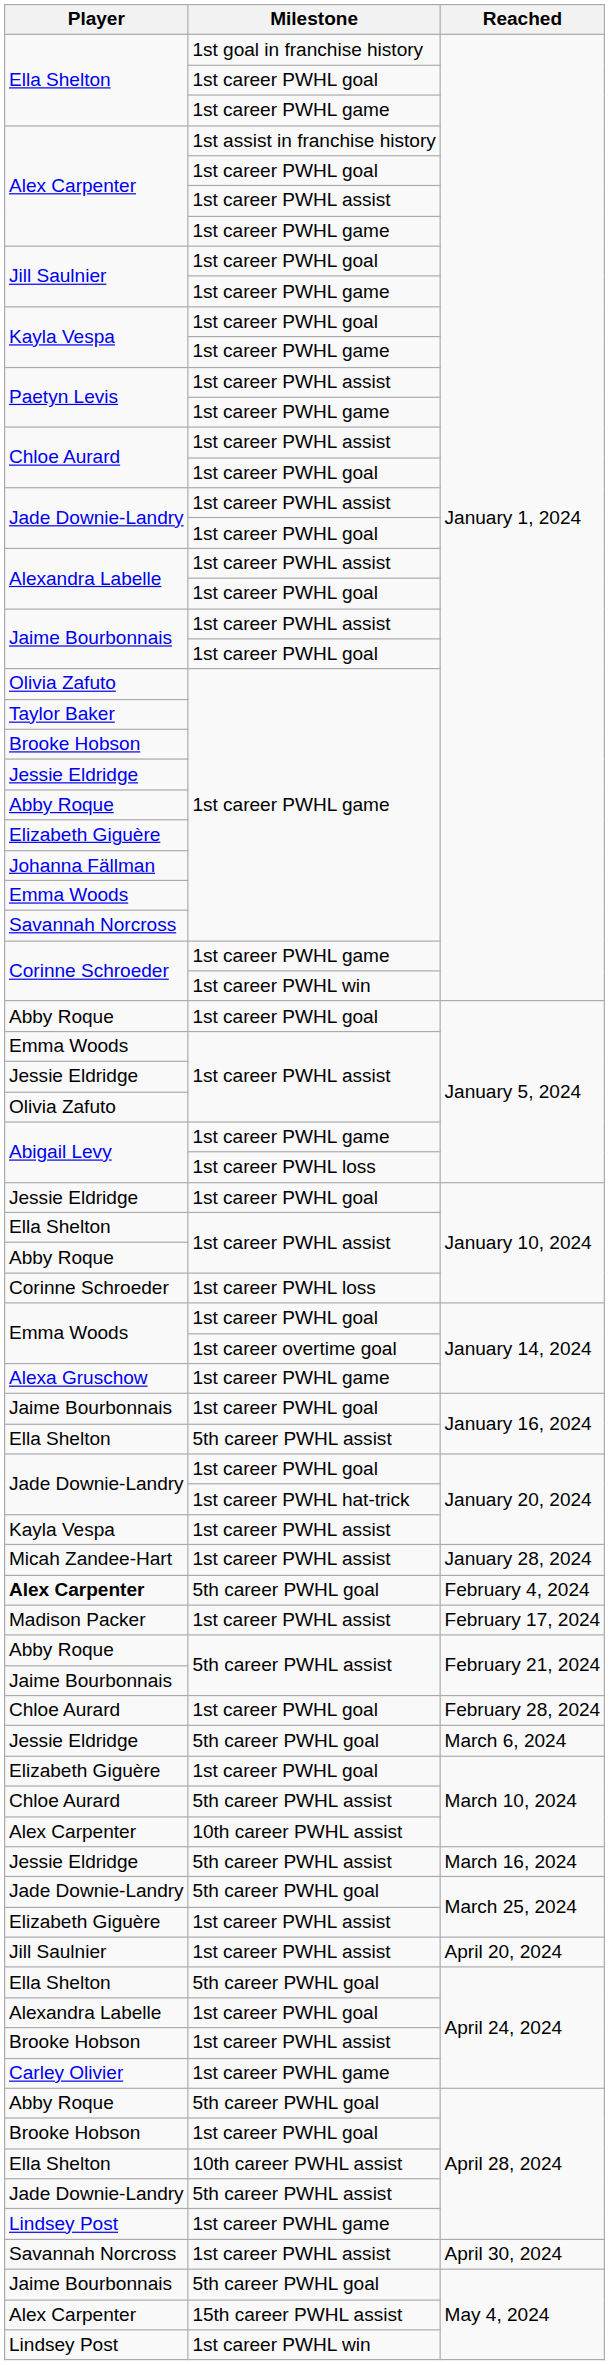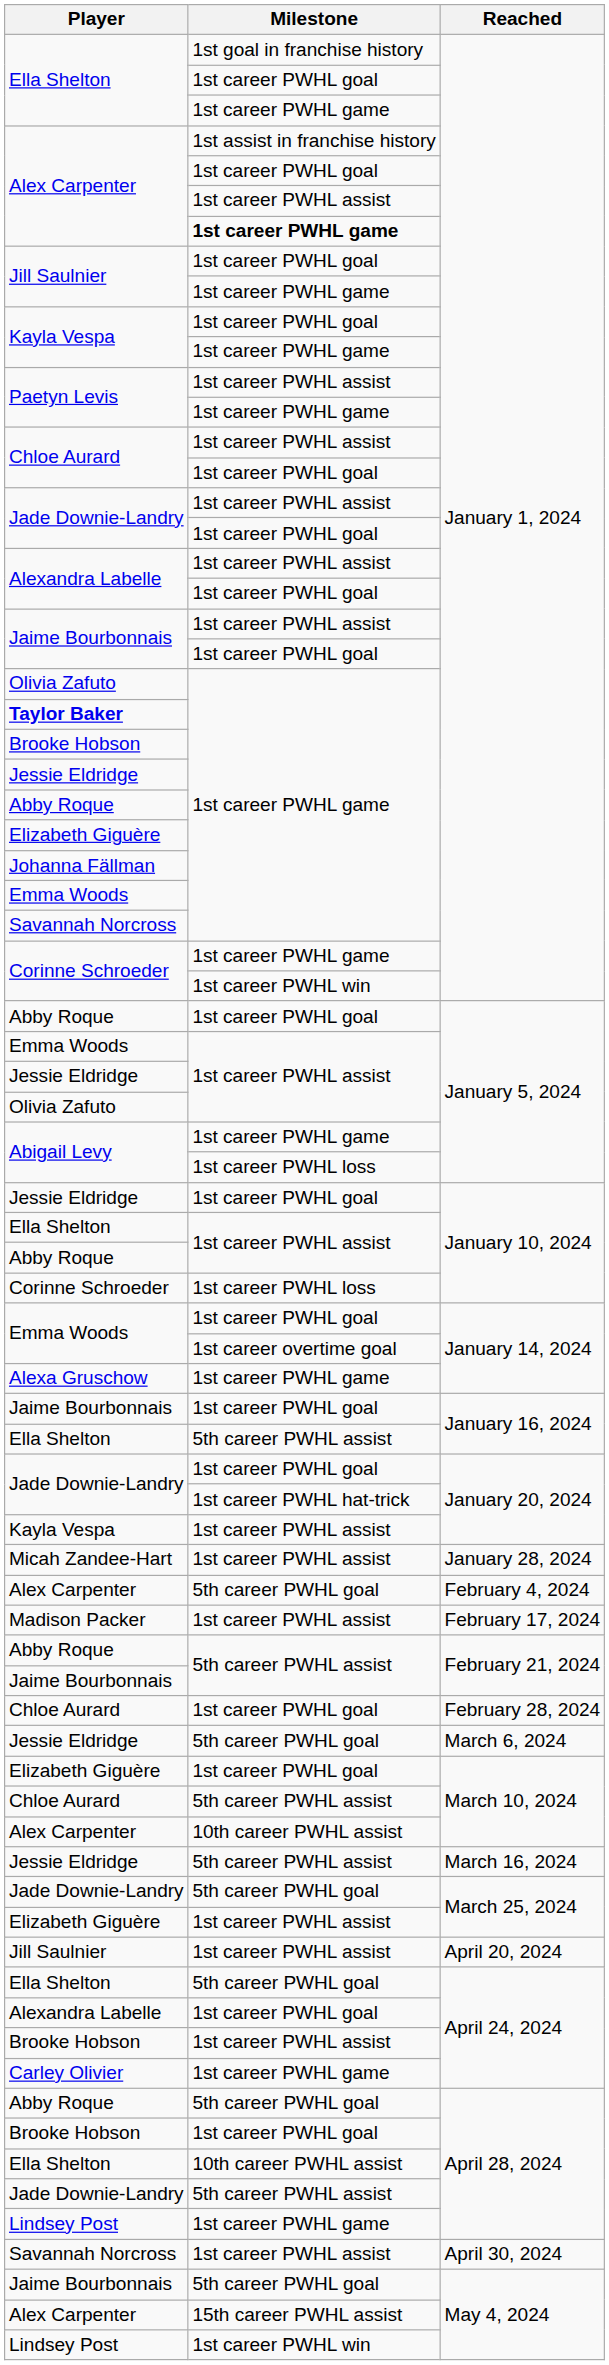 <table class="wikitable">
 <tr>
 <th>Player</th>
 <th>Milestone</th>
 <th>Reached</th>
 </tr>
 <tr>
 <td rowspan=3><a href='#'>Ella Shelton</a></td>
 <td>1st goal in franchise history</td>
 <td rowspan=32>January 1, 2024</td>
 </tr>
 <tr>
 <td>1st career PWHL goal</td>
 </tr>
 <tr>
 <td>1st career PWHL game</td>
 </tr>
 <tr>
 <td rowspan=4><a href='#'>Alex Carpenter</a></td>
 <td>1st assist in franchise history</td>
 </tr>
 <tr>
 <td>1st career PWHL goal</td>
 </tr>
 <tr>
 <td>1st career PWHL assist</td>
 </tr>
 <tr>
-<td>1st career PWHL game</td>
+<td><strong>1st career PWHL game</strong></td>
 </tr>
 <tr>
 <td rowspan=2><a href='#'>Jill Saulnier</a></td>
 <td>1st career PWHL goal</td>
 </tr>
 <tr>
 <td>1st career PWHL game</td>
 </tr>
 <tr>
 <td rowspan=2><a href='#'>Kayla Vespa</a></td>
 <td>1st career PWHL goal</td>
 </tr>
 <tr>
 <td>1st career PWHL game</td>
 </tr>
 <tr>
 <td rowspan=2><a href='#'>Paetyn Levis</a></td>
 <td>1st career PWHL assist</td>
 </tr>
 <tr>
 <td>1st career PWHL game</td>
 </tr>
 <tr>
 <td rowspan=2><a href='#'>Chloe Aurard</a></td>
 <td>1st career PWHL assist</td>
 </tr>
 <tr>
 <td>1st career PWHL goal</td>
 </tr>
 <tr>
 <td rowspan=2><a href='#'>Jade Downie-Landry</a></td>
 <td>1st career PWHL assist</td>
 </tr>
 <tr>
 <td>1st career PWHL goal</td>
 </tr>
 <tr>
 <td rowspan=2><a href='#'>Alexandra Labelle</a></td>
 <td>1st career PWHL assist</td>
 </tr>
 <tr>
 <td>1st career PWHL goal</td>
 </tr>
 <tr>
 <td rowspan=2><a href='#'>Jaime Bourbonnais</a></td>
 <td>1st career PWHL assist</td>
 </tr>
 <tr>
 <td>1st career PWHL goal</td>
 </tr>
 <tr>
 <td><a href='#'>Olivia Zafuto</a></td>
 <td rowspan=9>1st career PWHL game</td>
 </tr>
 <tr>
-<td><a href='#'>Taylor Baker</a></td>
+<td><strong><a href='#'>Taylor Baker</a></strong></td>
 </tr>
 <tr>
 <td><a href='#'>Brooke Hobson</a></td>
 </tr>
 <tr>
 <td><a href='#'>Jessie Eldridge</a></td>
 </tr>
 <tr>
 <td><a href='#'>Abby Roque</a></td>
 </tr>
 <tr>
 <td><a href='#'>Elizabeth Giguère</a></td>
 </tr>
 <tr>
 <td><a href='#'>Johanna Fällman</a></td>
 </tr>
 <tr>
 <td><a href='#'>Emma Woods</a></td>
 </tr>
 <tr>
 <td><a href='#'>Savannah Norcross</a></td>
 </tr>
 <tr>
 <td rowspan=2><a href='#'>Corinne Schroeder</a></td>
 <td>1st career PWHL game</td>
 </tr>
 <tr>
 <td>1st career PWHL win</td>
 </tr>
 <tr>
 <td>Abby Roque</td>
 <td>1st career PWHL goal</td>
 <td rowspan=6>January 5, 2024</td>
 </tr>
 <tr>
 <td>Emma Woods</td>
 <td rowspan=3>1st career PWHL assist</td>
 </tr>
 <tr>
 <td>Jessie Eldridge</td>
 </tr>
 <tr>
 <td>Olivia Zafuto</td>
 </tr>
 <tr>
 <td rowspan=2><a href='#'>Abigail Levy</a></td>
 <td>1st career PWHL game</td>
 </tr>
 <tr>
 <td>1st career PWHL loss</td>
 </tr>
 <tr>
 <td>Jessie Eldridge</td>
 <td>1st career PWHL goal</td>
 <td rowspan=4>January 10, 2024</td>
 </tr>
 <tr>
 <td>Ella Shelton</td>
 <td rowspan=2>1st career PWHL assist</td>
 </tr>
 <tr>
 <td>Abby Roque</td>
 </tr>
 <tr>
 <td>Corinne Schroeder</td>
 <td>1st career PWHL loss</td>
 </tr>
 <tr>
 <td rowspan=2>Emma Woods</td>
 <td>1st career PWHL goal</td>
 <td rowspan=3>January 14, 2024</td>
 </tr>
 <tr>
 <td>1st career overtime goal</td>
 </tr>
 <tr>
 <td><a href='#'>Alexa Gruschow</a></td>
 <td>1st career PWHL game</td>
 </tr>
 <tr>
 <td>Jaime Bourbonnais</td>
 <td>1st career PWHL goal</td>
 <td rowspan=2>January 16, 2024</td>
 </tr>
 <tr>
 <td>Ella Shelton</td>
 <td>5th career PWHL assist</td>
 </tr>
 <tr>
 <td rowspan=2>Jade Downie-Landry</td>
 <td>1st career PWHL goal</td>
 <td rowspan=3>January 20, 2024</td>
 </tr>
 <tr>
 <td>1st career PWHL hat-trick</td>
 </tr>
 <tr>
 <td>Kayla Vespa</td>
 <td>1st career PWHL assist</td>
 </tr>
 <tr>
 <td>Micah Zandee-Hart</td>
 <td>1st career PWHL assist</td>
 <td>January 28, 2024</td>
 </tr>
 <tr>
-<td><strong>Alex Carpenter</strong></td>
+<td>Alex Carpenter</td>
 <td>5th career PWHL goal</td>
 <td>February 4, 2024</td>
 </tr>
 <tr>
 <td>Madison Packer</td>
 <td>1st career PWHL assist</td>
 <td>February 17, 2024</td>
 </tr>
 <tr>
 <td>Abby Roque</td>
 <td rowspan=2>5th career PWHL assist</td>
 <td rowspan=2>February 21, 2024</td>
 </tr>
 <tr>
 <td>Jaime Bourbonnais</td>
 </tr>
 <tr>
 <td>Chloe Aurard</td>
 <td>1st career PWHL goal</td>
 <td>February 28, 2024</td>
 </tr>
 <tr>
 <td>Jessie Eldridge</td>
 <td>5th career PWHL goal</td>
 <td>March 6, 2024</td>
 </tr>
 <tr>
 <td>Elizabeth Giguère</td>
 <td>1st career PWHL goal</td>
 <td rowspan=3>March 10, 2024</td>
 </tr>
 <tr>
 <td>Chloe Aurard</td>
 <td>5th career PWHL assist</td>
 </tr>
 <tr>
 <td>Alex Carpenter</td>
 <td>10th career PWHL assist</td>
 </tr>
 <tr>
 <td>Jessie Eldridge</td>
 <td>5th career PWHL assist</td>
 <td>March 16, 2024</td>
 </tr>
 <tr>
 <td>Jade Downie-Landry</td>
 <td>5th career PWHL goal</td>
 <td rowspan=2>March 25, 2024</td>
 </tr>
 <tr>
 <td>Elizabeth Giguère</td>
 <td>1st career PWHL assist</td>
 </tr>
 <tr>
 <td>Jill Saulnier</td>
 <td>1st career PWHL assist</td>
 <td>April 20, 2024</td>
 </tr>
 <tr>
 <td>Ella Shelton</td>
 <td>5th career PWHL goal</td>
 <td rowspan=4>April 24, 2024</td>
 </tr>
 <tr>
 <td>Alexandra Labelle</td>
 <td>1st career PWHL goal</td>
 </tr>
 <tr>
 <td>Brooke Hobson</td>
 <td>1st career PWHL assist</td>
 </tr>
 <tr>
 <td><a href='#'>Carley Olivier</a></td>
 <td>1st career PWHL game</td>
 </tr>
 <tr>
 <td>Abby Roque</td>
 <td>5th career PWHL goal</td>
 <td rowspan=5>April 28, 2024</td>
 </tr>
 <tr>
 <td>Brooke Hobson</td>
 <td>1st career PWHL goal</td>
 </tr>
 <tr>
 <td>Ella Shelton</td>
 <td>10th career PWHL assist</td>
 </tr>
 <tr>
 <td>Jade Downie-Landry</td>
 <td>5th career PWHL assist</td>
 </tr>
 <tr>
 <td><a href='#'>Lindsey Post</a></td>
 <td>1st career PWHL game</td>
 </tr>
 <tr>
 <td>Savannah Norcross</td>
 <td>1st career PWHL assist</td>
 <td>April 30, 2024</td>
 </tr>
 <tr>
 <td>Jaime Bourbonnais</td>
 <td>5th career PWHL goal</td>
 <td rowspan=3>May 4, 2024</td>
 </tr>
 <tr>
 <td>Alex Carpenter</td>
 <td>15th career PWHL assist</td>
 </tr>
 <tr>
 <td>Lindsey Post</td>
 <td>1st career PWHL win</td>
 </tr>
 </table>
